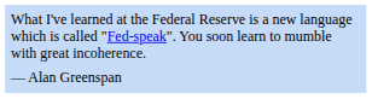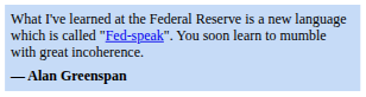 <table class="toccolours" style="float: right; margin-left: 0.50em; margin-right: 1.5em; font-size: 85%; background:#c6dbf7; color:black; width:25em; max-width: 40%;" cellspacing="5">
 <tr>
 <td style="text-align: left;">What I've learned at the Federal Reserve is a new language which is called "<a href='#'>Fed-speak</a>". You soon learn to mumble with great incoherence.</td>
 </tr>
 <tr>
-<td style="text-align: left;">— Alan Greenspan</td>
+<td style="text-align: left;"><strong>— Alan Greenspan</strong></td>
 </tr>
 </table>
